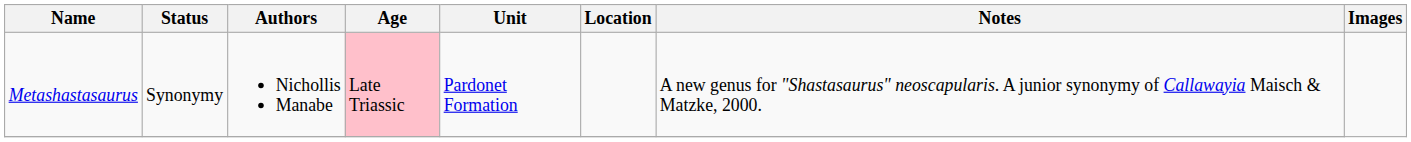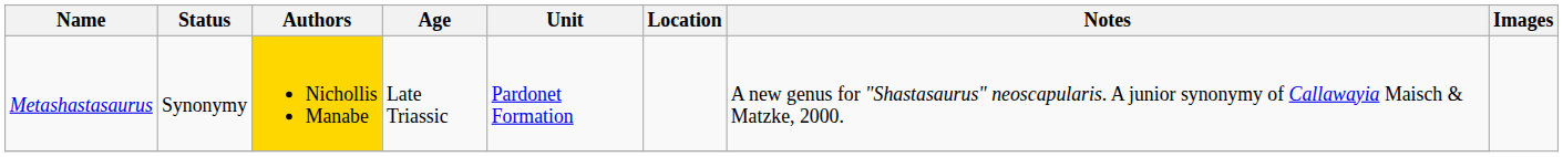 <table class="wikitable sortable" align="center" width="100%">
 <tr>
 <th>Name</th>
 <th>Status</th>
 <th>Authors</th>
 <th>Age</th>
 <th>Unit</th>
 <th>Location</th>
 <th>Notes</th>
 <th>Images</th>
 </tr>
 <tr>
 <td><br><em><a href='#'>Metashastasaurus</a></em></td>
 <td><br>Synonymy</td>
-<td><br><ul><li>Nichollis</li><li>Manabe</li></ul></td>
-<td style="background: pink;"><br>Late Triassic</td>
+<td style="background: gold;"><br><ul><li>Nichollis</li><li>Manabe</li></ul></td>
+<td><br>Late Triassic</td>
 <td><br><a href='#'>Pardonet Formation</a></td>
 <td><br></td>
 <td><br>A new genus for <em>"Shastasaurus" neoscapularis</em>. A junior synonymy of <em><a href='#'>Callawayia</a></em> Maisch & Matzke, 2000.</td>
 <td rowspan="47"></td>
 </tr>
 <tr>
 </tr>
 </table>
